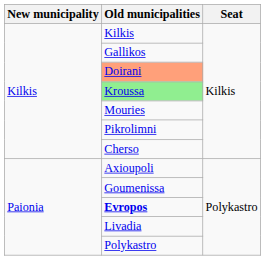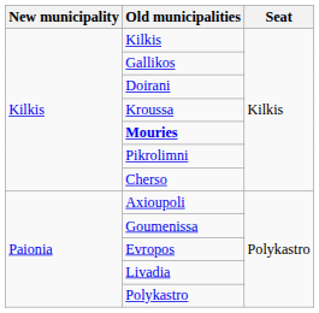 <table class="wikitable">
 <tr>
 <th>New municipality</th>
 <th>Old municipalities</th>
 <th>Seat</th>
 </tr>
 <tr>
 <td rowspan=7><a href='#'>Kilkis</a></td>
 <td><a href='#'>Kilkis</a></td>
 <td rowspan=7>Kilkis</td>
 </tr>
 <tr>
 <td><a href='#'>Gallikos</a></td>
 </tr>
 <tr>
-<td style="background: lightsalmon;"><a href='#'>Doirani</a></td>
+<td><a href='#'>Doirani</a></td>
 </tr>
 <tr>
-<td style="background: lightgreen;"><a href='#'>Kroussa</a></td>
+<td><a href='#'>Kroussa</a></td>
 </tr>
 <tr>
-<td><a href='#'>Mouries</a></td>
+<td><strong><a href='#'>Mouries</a></strong></td>
 </tr>
 <tr>
 <td><a href='#'>Pikrolimni</a></td>
 </tr>
 <tr>
 <td><a href='#'>Cherso</a></td>
 </tr>
 <tr>
 <td rowspan=5><a href='#'>Paionia</a></td>
 <td><a href='#'>Axioupoli</a></td>
 <td rowspan=5>Polykastro</td>
 </tr>
 <tr>
 <td><a href='#'>Goumenissa</a></td>
 </tr>
 <tr>
-<td><strong><a href='#'>Evropos</a></strong></td>
+<td><a href='#'>Evropos</a></td>
 </tr>
 <tr>
 <td><a href='#'>Livadia</a></td>
 </tr>
 <tr>
 <td><a href='#'>Polykastro</a></td>
 </tr>
 </table>
